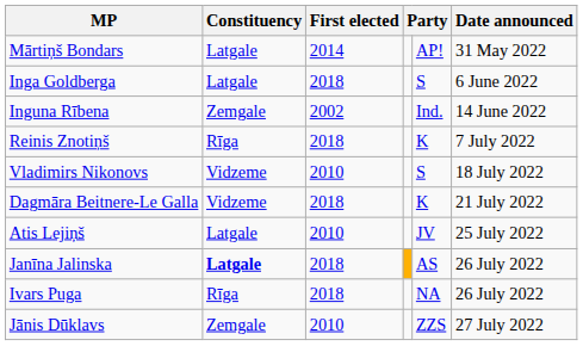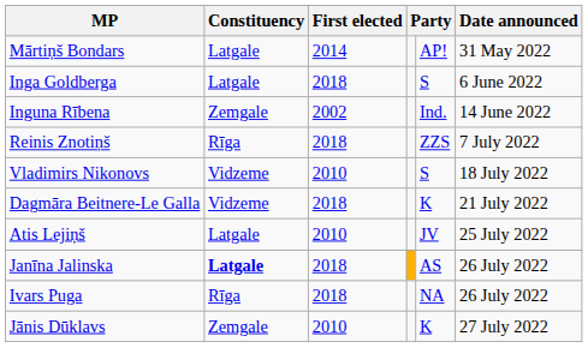 <table class="wikitable sortable tpl-blanktable" style="text-align:left; font-size:95%; line-height:20px;">
 <tr>
 <th scope="col">MP</th>
 <th scope="col">Constituency</th>
 <th scope="col">First elected</th>
 <th colspan="2" scope="col">Party</th>
 <th scope="col">Date announced</th>
 </tr>
 <tr>
 <td><a href='#'>Mārtiņš Bondars</a></td>
 <td><a href='#'>Latgale</a></td>
 <td><a href='#'>2014</a></td>
 <td width="1"></td>
 <td><a href='#'>AP!</a></td>
 <td>31 May 2022</td>
 </tr>
 <tr>
 <td><a href='#'>Inga Goldberga</a></td>
 <td><a href='#'>Latgale</a></td>
 <td><a href='#'>2018</a></td>
 <td width="1"></td>
 <td><a href='#'>S</a></td>
 <td>6 June 2022</td>
 </tr>
 <tr>
 <td><a href='#'>Inguna Rībena</a></td>
 <td><a href='#'>Zemgale</a></td>
 <td><a href='#'>2002</a></td>
 <td width="1"></td>
 <td><a href='#'>Ind.</a></td>
 <td>14 June 2022</td>
 </tr>
 <tr>
 <td><a href='#'>Reinis Znotiņš</a></td>
 <td><a href='#'>Rīga</a></td>
 <td><a href='#'>2018</a></td>
 <td width="1"></td>
-<td><a href='#'>K</a></td>
+<td><a href='#'>ZZS</a></td>
 <td>7 July 2022</td>
 </tr>
 <tr>
 <td><a href='#'>Vladimirs Nikonovs</a></td>
 <td><a href='#'>Vidzeme</a></td>
 <td><a href='#'>2010</a></td>
 <td width="1"></td>
 <td><a href='#'>S</a></td>
 <td>18 July 2022</td>
 </tr>
 <tr>
 <td><a href='#'>Dagmāra Beitnere-Le Galla</a></td>
 <td><a href='#'>Vidzeme</a></td>
 <td><a href='#'>2018</a></td>
 <td width="1"></td>
 <td><a href='#'>K</a></td>
 <td>21 July 2022</td>
 </tr>
 <tr>
 <td><a href='#'>Atis Lejiņš</a></td>
 <td><a href='#'>Latgale</a></td>
 <td><a href='#'>2010</a></td>
 <td width="1"></td>
 <td><a href='#'>JV</a></td>
 <td>25 July 2022</td>
 </tr>
 <tr>
 <td><a href='#'>Janīna Jalinska</a></td>
 <td><strong><a href='#'>Latgale</a></strong></td>
 <td><a href='#'>2018</a></td>
 <td width="1" bgcolor="#FFB100"></td>
 <td><a href='#'>AS</a></td>
 <td>26 July 2022</td>
 </tr>
 <tr>
 <td><a href='#'>Ivars Puga</a></td>
 <td><a href='#'>Rīga</a></td>
 <td><a href='#'>2018</a></td>
 <td width="1"></td>
 <td><a href='#'>NA</a></td>
 <td>26 July 2022</td>
 </tr>
 <tr>
 <td><a href='#'>Jānis Dūklavs</a></td>
 <td><a href='#'>Zemgale</a></td>
 <td><a href='#'>2010</a></td>
 <td width="1"></td>
-<td><a href='#'>ZZS</a></td>
+<td><a href='#'>K</a></td>
 <td>27 July 2022</td>
 </tr>
 </table>
